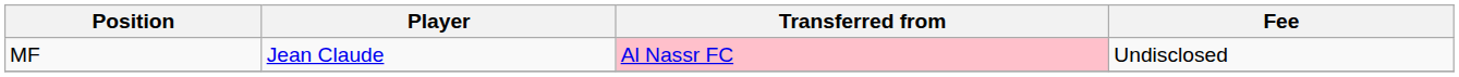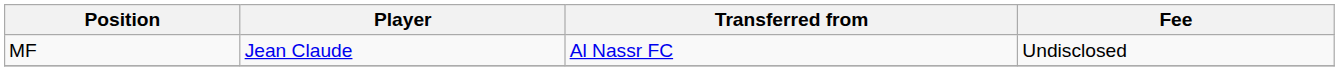 <table class="wikitable sortable" style="width:70%; text-align:center; font-size:100%; text-align:left;">
 <tr>
 <th>Position</th>
 <th>Player</th>
 <th>Transferred from</th>
 <th>Fee</th>
 </tr>
 <tr>
 <td>MF</td>
 <td> <a href='#'>Jean Claude</a></td>
-<td style="background: pink;"> <a href='#'>Al Nassr FC</a></td>
+<td> <a href='#'>Al Nassr FC</a></td>
 <td>Undisclosed</td>
 </tr>
 <tr>
 </tr>
 </table>
